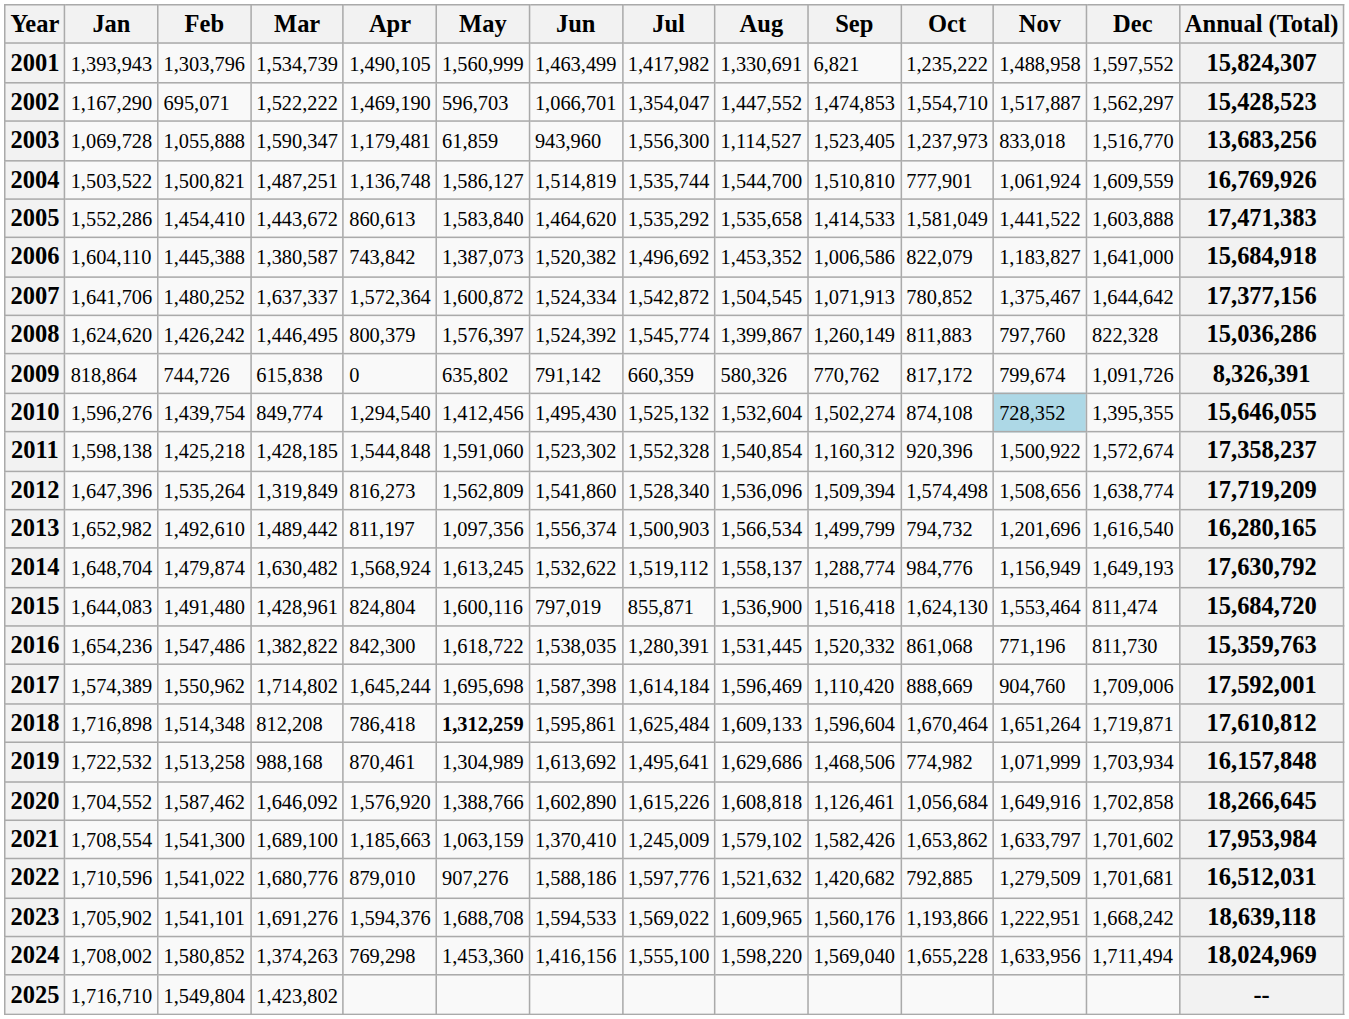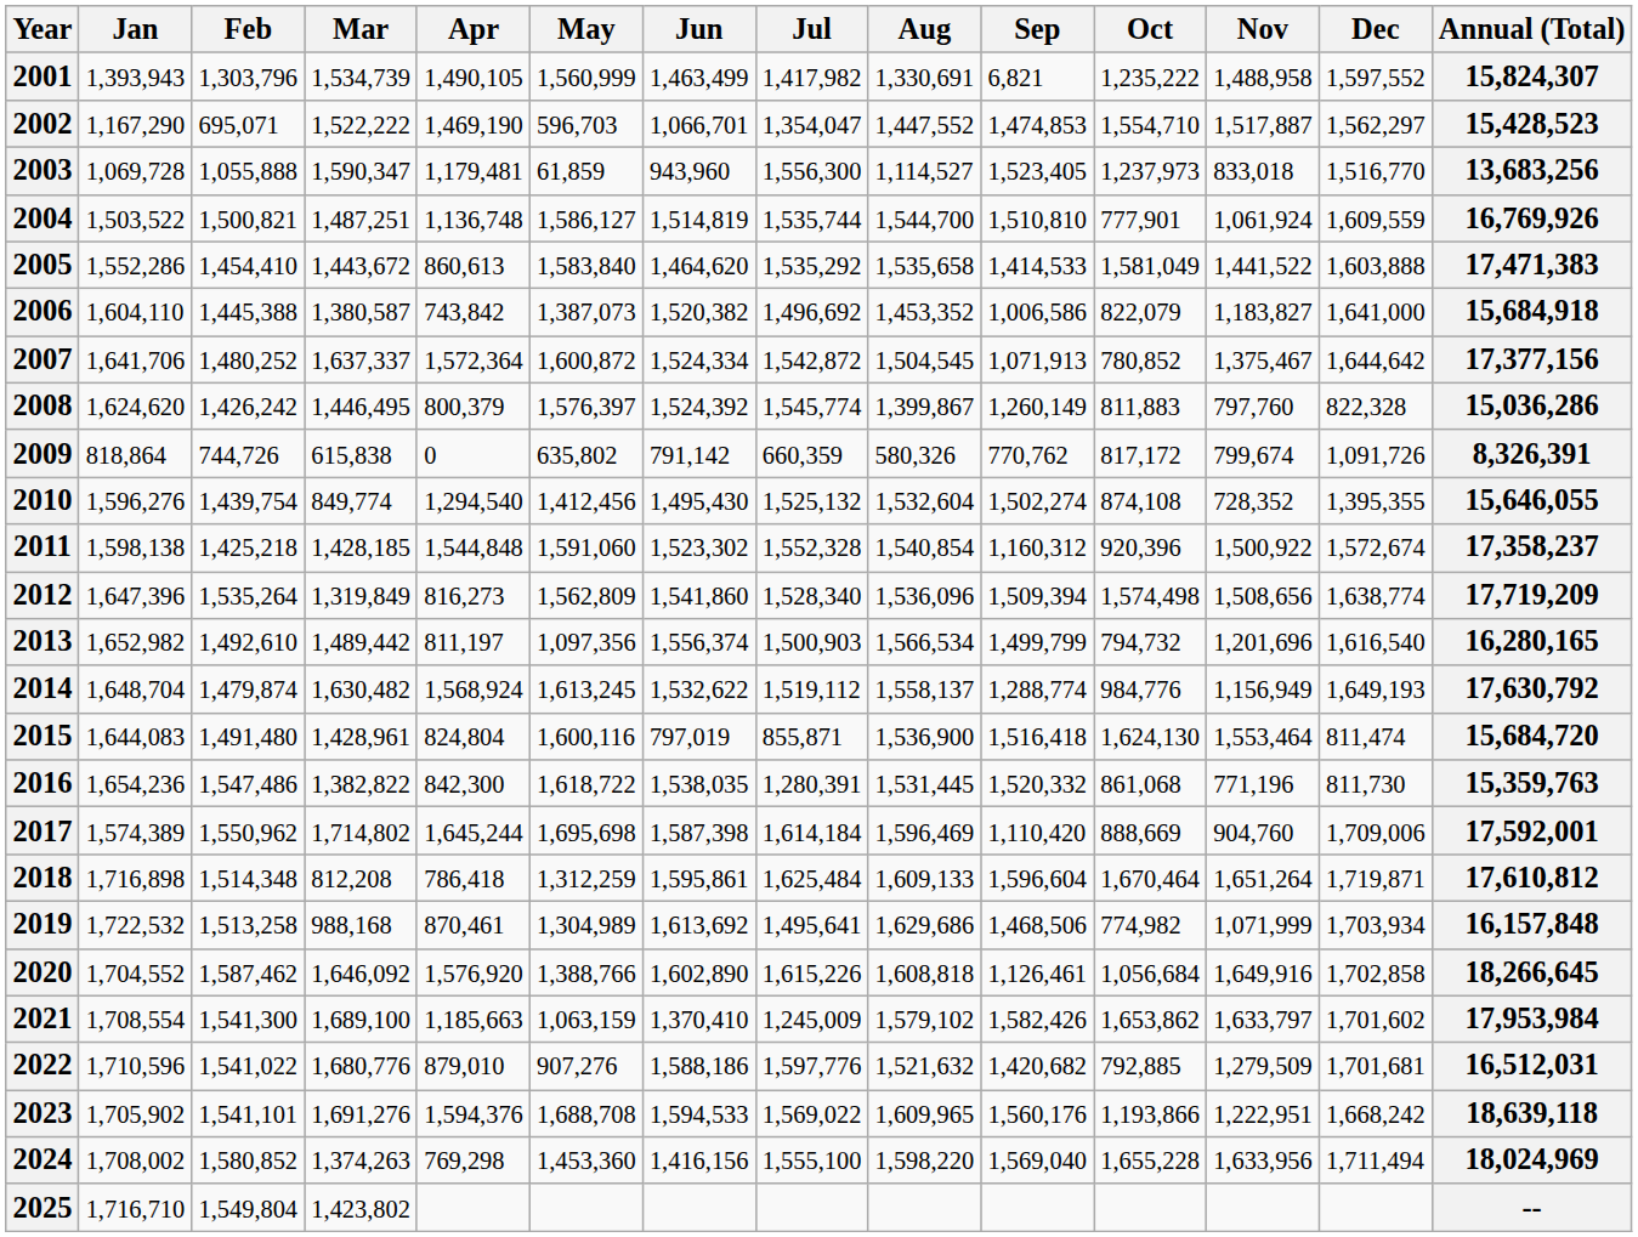 <table class="wikitable">
 <tr>
 <th>Year</th>
 <th>Jan</th>
 <th>Feb</th>
 <th>Mar</th>
 <th>Apr</th>
 <th>May</th>
 <th>Jun</th>
 <th>Jul</th>
 <th>Aug</th>
 <th>Sep</th>
 <th>Oct</th>
 <th>Nov</th>
 <th>Dec</th>
 <th>Annual (Total)</th>
 </tr>
 <tr>
 <th>2001</th>
 <td><small>1,393,943</small></td>
 <td><small>1,303,796</small></td>
 <td><small>1,534,739</small></td>
 <td><small>1,490,105</small></td>
 <td><small>1,560,999</small></td>
 <td><small>1,463,499</small></td>
 <td><small>1,417,982</small></td>
 <td><small>1,330,691</small></td>
 <td><small>6,821</small></td>
 <td><small>1,235,222</small></td>
 <td><small>1,488,958</small></td>
 <td><small>1,597,552</small></td>
 <th>15,824,307</th>
 </tr>
 <tr>
 <th>2002</th>
 <td><small>1,167,290</small></td>
 <td><small>695,071</small></td>
 <td><small>1,522,222</small></td>
 <td><small>1,469,190</small></td>
 <td><small>596,703</small></td>
 <td><small>1,066,701</small></td>
 <td><small>1,354,047</small></td>
 <td><small>1,447,552</small></td>
 <td><small>1,474,853</small></td>
 <td><small>1,554,710</small></td>
 <td><small>1,517,887</small></td>
 <td><small>1,562,297</small></td>
 <th>15,428,523</th>
 </tr>
 <tr>
 <th>2003</th>
 <td><small>1,069,728</small></td>
 <td><small>1,055,888</small></td>
 <td><small>1,590,347</small></td>
 <td><small>1,179,481</small></td>
 <td><small>61,859</small></td>
 <td><small>943,960</small></td>
 <td><small>1,556,300</small></td>
 <td><small>1,114,527</small></td>
 <td><small>1,523,405</small></td>
 <td><small>1,237,973</small></td>
 <td><small>833,018</small></td>
 <td><small>1,516,770</small></td>
 <th>13,683,256</th>
 </tr>
 <tr>
 <th>2004</th>
 <td><small>1,503,522</small></td>
 <td><small>1,500,821</small></td>
 <td><small>1,487,251</small></td>
 <td><small>1,136,748</small></td>
 <td><small>1,586,127</small></td>
 <td><small>1,514,819</small></td>
 <td><small>1,535,744</small></td>
 <td><small>1,544,700</small></td>
 <td><small>1,510,810</small></td>
 <td><small>777,901</small></td>
 <td><small>1,061,924</small></td>
 <td><small>1,609,559</small></td>
 <th>16,769,926</th>
 </tr>
 <tr>
 <th>2005</th>
 <td><small>1,552,286</small></td>
 <td><small>1,454,410</small></td>
 <td><small>1,443,672</small></td>
 <td><small>860,613</small></td>
 <td><small>1,583,840</small></td>
 <td><small>1,464,620</small></td>
 <td><small>1,535,292</small></td>
 <td><small>1,535,658</small></td>
 <td><small>1,414,533</small></td>
 <td><small>1,581,049</small></td>
 <td><small>1,441,522</small></td>
 <td><small>1,603,888</small></td>
 <th>17,471,383</th>
 </tr>
 <tr>
 <th>2006</th>
 <td><small>1,604,110</small></td>
 <td><small>1,445,388</small></td>
 <td><small>1,380,587</small></td>
 <td><small>743,842</small></td>
 <td><small>1,387,073</small></td>
 <td><small>1,520,382</small></td>
 <td><small>1,496,692</small></td>
 <td><small>1,453,352</small></td>
 <td><small>1,006,586</small></td>
 <td><small>822,079</small></td>
 <td><small>1,183,827</small></td>
 <td><small>1,641,000</small></td>
 <th>15,684,918</th>
 </tr>
 <tr>
 <th>2007</th>
 <td><small>1,641,706</small></td>
 <td><small>1,480,252</small></td>
 <td><small>1,637,337</small></td>
 <td><small>1,572,364</small></td>
 <td><small>1,600,872</small></td>
 <td><small>1,524,334</small></td>
 <td><small>1,542,872</small></td>
 <td><small>1,504,545</small></td>
 <td><small>1,071,913</small></td>
 <td><small>780,852</small></td>
 <td><small>1,375,467</small></td>
 <td><small>1,644,642</small></td>
 <th>17,377,156</th>
 </tr>
 <tr>
 <th>2008</th>
 <td><small>1,624,620</small></td>
 <td><small>1,426,242</small></td>
 <td><small>1,446,495</small></td>
 <td><small>800,379</small></td>
 <td><small>1,576,397</small></td>
 <td><small>1,524,392</small></td>
 <td><small>1,545,774</small></td>
 <td><small>1,399,867</small></td>
 <td><small>1,260,149</small></td>
 <td><small>811,883</small></td>
 <td><small>797,760</small></td>
 <td><small>822,328</small></td>
 <th>15,036,286</th>
 </tr>
 <tr>
 <th>2009</th>
 <td><small>818,864</small></td>
 <td><small>744,726</small></td>
 <td><small>615,838</small></td>
 <td><small>0</small></td>
 <td><small>635,802</small></td>
 <td><small>791,142</small></td>
 <td><small>660,359</small></td>
 <td><small>580,326</small></td>
 <td><small>770,762</small></td>
 <td><small>817,172</small></td>
 <td><small>799,674</small></td>
 <td><small>1,091,726</small></td>
 <th>8,326,391</th>
 </tr>
 <tr>
 <th>2010</th>
 <td><small>1,596,276</small></td>
 <td><small>1,439,754</small></td>
 <td><small>849,774</small></td>
 <td><small>1,294,540</small></td>
 <td><small>1,412,456</small></td>
 <td><small>1,495,430</small></td>
 <td><small>1,525,132</small></td>
 <td><small>1,532,604</small></td>
 <td><small>1,502,274</small></td>
 <td><small>874,108</small></td>
-<td style="background: lightblue;"><small>728,352</small></td>
+<td><small>728,352</small></td>
 <td><small>1,395,355</small></td>
 <th>15,646,055</th>
 </tr>
 <tr>
 <th>2011</th>
 <td><small>1,598,138</small></td>
 <td><small>1,425,218</small></td>
 <td><small>1,428,185</small></td>
 <td><small>1,544,848</small></td>
 <td><small>1,591,060</small></td>
 <td><small>1,523,302</small></td>
 <td><small>1,552,328</small></td>
 <td><small>1,540,854</small></td>
 <td><small>1,160,312</small></td>
 <td><small>920,396</small></td>
 <td><small>1,500,922</small></td>
 <td><small>1,572,674</small></td>
 <th>17,358,237</th>
 </tr>
 <tr>
 <th>2012</th>
 <td><small>1,647,396</small></td>
 <td><small>1,535,264</small></td>
 <td><small>1,319,849</small></td>
 <td><small>816,273</small></td>
 <td><small>1,562,809</small></td>
 <td><small>1,541,860</small></td>
 <td><small>1,528,340</small></td>
 <td><small>1,536,096</small></td>
 <td><small>1,509,394</small></td>
 <td><small>1,574,498</small></td>
 <td><small>1,508,656</small></td>
 <td><small>1,638,774</small></td>
 <th>17,719,209</th>
 </tr>
 <tr>
 <th>2013</th>
 <td><small>1,652,982</small></td>
 <td><small>1,492,610</small></td>
 <td><small>1,489,442</small></td>
 <td><small>811,197</small></td>
 <td><small>1,097,356</small></td>
 <td><small>1,556,374</small></td>
 <td><small>1,500,903</small></td>
 <td><small>1,566,534</small></td>
 <td><small>1,499,799</small></td>
 <td><small>794,732</small></td>
 <td><small>1,201,696</small></td>
 <td><small>1,616,540</small></td>
 <th>16,280,165</th>
 </tr>
 <tr>
 <th>2014</th>
 <td><small>1,648,704</small></td>
 <td><small>1,479,874</small></td>
 <td><small>1,630,482</small></td>
 <td><small>1,568,924</small></td>
 <td><small>1,613,245</small></td>
 <td><small>1,532,622</small></td>
 <td><small>1,519,112</small></td>
 <td><small>1,558,137</small></td>
 <td><small>1,288,774</small></td>
 <td><small>984,776</small></td>
 <td><small>1,156,949</small></td>
 <td><small>1,649,193</small></td>
 <th>17,630,792</th>
 </tr>
 <tr>
 <th>2015</th>
 <td><small>1,644,083</small></td>
 <td><small>1,491,480</small></td>
 <td><small>1,428,961</small></td>
 <td><small>824,804</small></td>
 <td><small>1,600,116</small></td>
 <td><small>797,019</small></td>
 <td><small>855,871</small></td>
 <td><small>1,536,900</small></td>
 <td><small>1,516,418</small></td>
 <td><small>1,624,130</small></td>
 <td><small>1,553,464</small></td>
 <td><small>811,474</small></td>
 <th>15,684,720</th>
 </tr>
 <tr>
 <th>2016</th>
 <td><small>1,654,236</small></td>
 <td><small>1,547,486</small></td>
 <td><small>1,382,822</small></td>
 <td><small>842,300</small></td>
 <td><small>1,618,722</small></td>
 <td><small>1,538,035</small></td>
 <td><small>1,280,391</small></td>
 <td><small>1,531,445</small></td>
 <td><small>1,520,332</small></td>
 <td><small>861,068</small></td>
 <td><small>771,196</small></td>
 <td><small>811,730</small></td>
 <th>15,359,763</th>
 </tr>
 <tr>
 <th>2017</th>
 <td><small>1,574,389</small></td>
 <td><small>1,550,962</small></td>
 <td><small>1,714,802</small></td>
 <td><small>1,645,244</small></td>
 <td><small>1,695,698</small></td>
 <td><small>1,587,398</small></td>
 <td><small>1,614,184</small></td>
 <td><small>1,596,469</small></td>
 <td><small>1,110,420</small></td>
 <td><small>888,669</small></td>
 <td><small>904,760</small></td>
 <td><small>1,709,006</small></td>
 <th>17,592,001</th>
 </tr>
 <tr>
 <th>2018</th>
 <td><small>1,716,898</small></td>
 <td><small>1,514,348</small></td>
 <td><small>812,208</small></td>
 <td><small>786,418</small></td>
-<td><strong><small>1,312,259</small></strong></td>
+<td><small>1,312,259</small></td>
 <td><small>1,595,861</small></td>
 <td><small>1,625,484</small></td>
 <td><small>1,609,133</small></td>
 <td><small>1,596,604</small></td>
 <td><small>1,670,464</small></td>
 <td><small>1,651,264</small></td>
 <td><small>1,719,871</small></td>
 <th>17,610,812</th>
 </tr>
 <tr>
 <th>2019</th>
 <td><small>1,722,532</small></td>
 <td><small>1,513,258</small></td>
 <td><small>988,168</small></td>
 <td><small>870,461</small></td>
 <td><small>1,304,989</small></td>
 <td><small>1,613,692</small></td>
 <td><small>1,495,641</small></td>
 <td><small>1,629,686</small></td>
 <td><small>1,468,506</small></td>
 <td><small>774,982</small></td>
 <td><small>1,071,999</small></td>
 <td><small>1,703,934</small></td>
 <th>16,157,848</th>
 </tr>
 <tr>
 <th>2020</th>
 <td><small>1,704,552</small></td>
 <td><small>1,587,462</small></td>
 <td><small>1,646,092</small></td>
 <td><small>1,576,920</small></td>
 <td><small>1,388,766</small></td>
 <td><small>1,602,890</small></td>
 <td><small>1,615,226</small></td>
 <td><small>1,608,818</small></td>
 <td><small>1,126,461</small></td>
 <td><small>1,056,684</small></td>
 <td><small>1,649,916</small></td>
 <td><small>1,702,858</small></td>
 <th>18,266,645</th>
 </tr>
 <tr>
 <th>2021</th>
 <td><small>1,708,554</small></td>
 <td><small>1,541,300</small></td>
 <td><small>1,689,100</small></td>
 <td><small>1,185,663</small></td>
 <td><small>1,063,159</small></td>
 <td><small>1,370,410</small></td>
 <td><small>1,245,009</small></td>
 <td><small>1,579,102</small></td>
 <td><small>1,582,426</small></td>
 <td><small>1,653,862</small></td>
 <td><small>1,633,797</small></td>
 <td><small>1,701,602</small></td>
 <th>17,953,984</th>
 </tr>
 <tr>
 <th>2022</th>
 <td><small>1,710,596</small></td>
 <td><small>1,541,022</small></td>
 <td><small>1,680,776</small></td>
 <td><small>879,010</small></td>
 <td><small>907,276</small></td>
 <td><small>1,588,186</small></td>
 <td><small>1,597,776</small></td>
 <td><small>1,521,632</small></td>
 <td><small>1,420,682</small></td>
 <td><small>792,885</small></td>
 <td><small>1,279,509</small></td>
 <td><small>1,701,681</small></td>
 <th>16,512,031</th>
 </tr>
 <tr>
 <th>2023</th>
 <td><small>1,705,902</small></td>
 <td><small>1,541,101</small></td>
 <td><small>1,691,276</small></td>
 <td><small>1,594,376</small></td>
 <td><small>1,688,708</small></td>
 <td><small>1,594,533</small></td>
 <td><small>1,569,022</small></td>
 <td><small>1,609,965</small></td>
 <td><small>1,560,176</small></td>
 <td><small>1,193,866</small></td>
 <td><small>1,222,951</small></td>
 <td><small>1,668,242</small></td>
 <th>18,639,118</th>
 </tr>
 <tr>
 <th>2024</th>
 <td><small>1,708,002</small></td>
 <td><small>1,580,852</small></td>
 <td><small>1,374,263</small></td>
 <td><small>769,298</small></td>
 <td><small>1,453,360</small></td>
 <td><small>1,416,156</small></td>
 <td><small>1,555,100</small></td>
 <td><small>1,598,220</small></td>
 <td><small>1,569,040</small></td>
 <td><small>1,655,228</small></td>
 <td><small>1,633,956</small></td>
 <td><small>1,711,494</small></td>
 <th>18,024,969</th>
 </tr>
 <tr>
 <th>2025</th>
 <td><small>1,716,710</small></td>
 <td><small>1,549,804</small></td>
 <td><small>1,423,802</small></td>
 <td><small></small></td>
 <td><small></small></td>
 <td><small></small></td>
 <td><small></small></td>
 <td><small></small></td>
 <td><small></small></td>
 <td><small></small></td>
 <td><small></small></td>
 <td><small></small></td>
 <th>--</th>
 </tr>
 <tr>
 </tr>
 </table>
